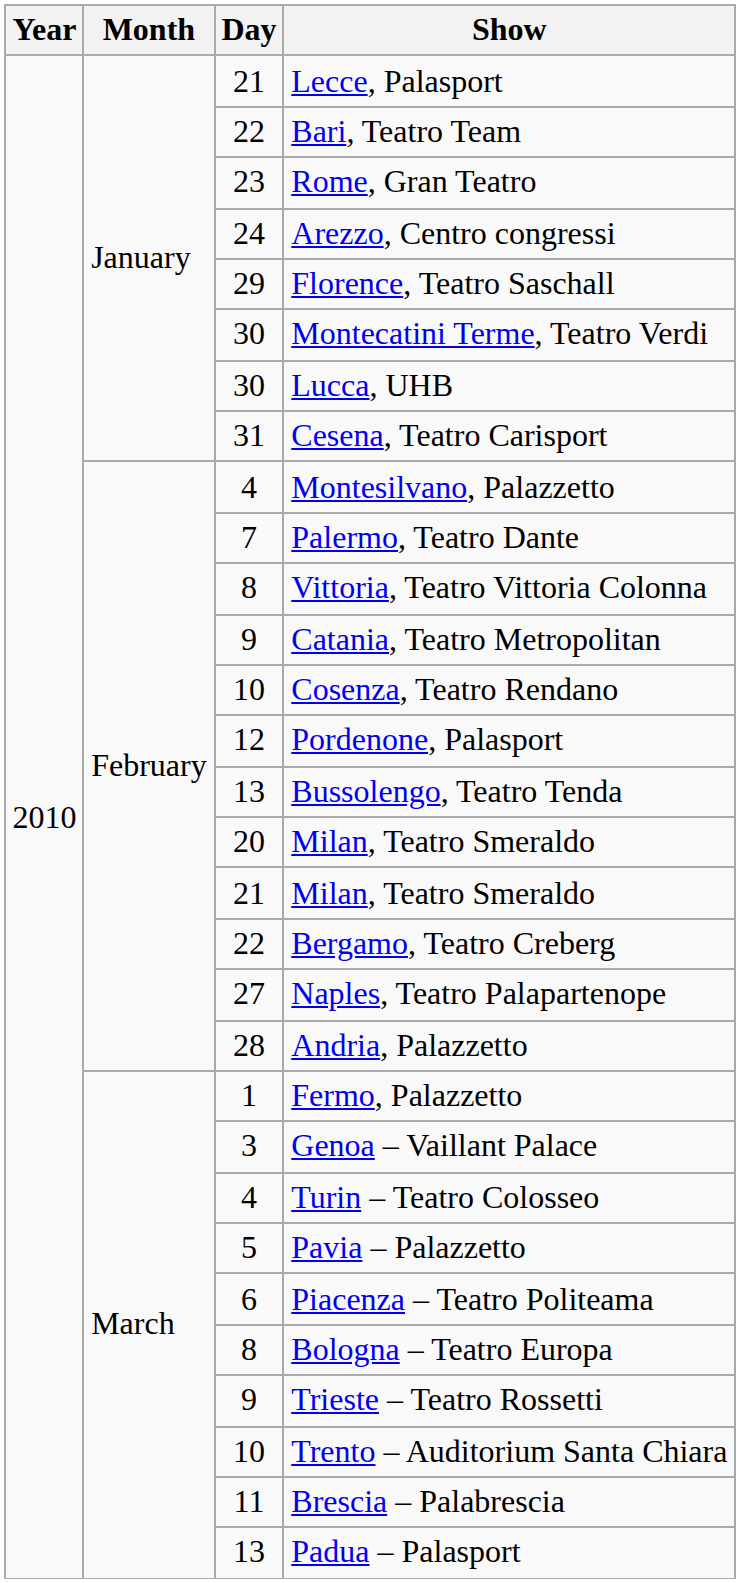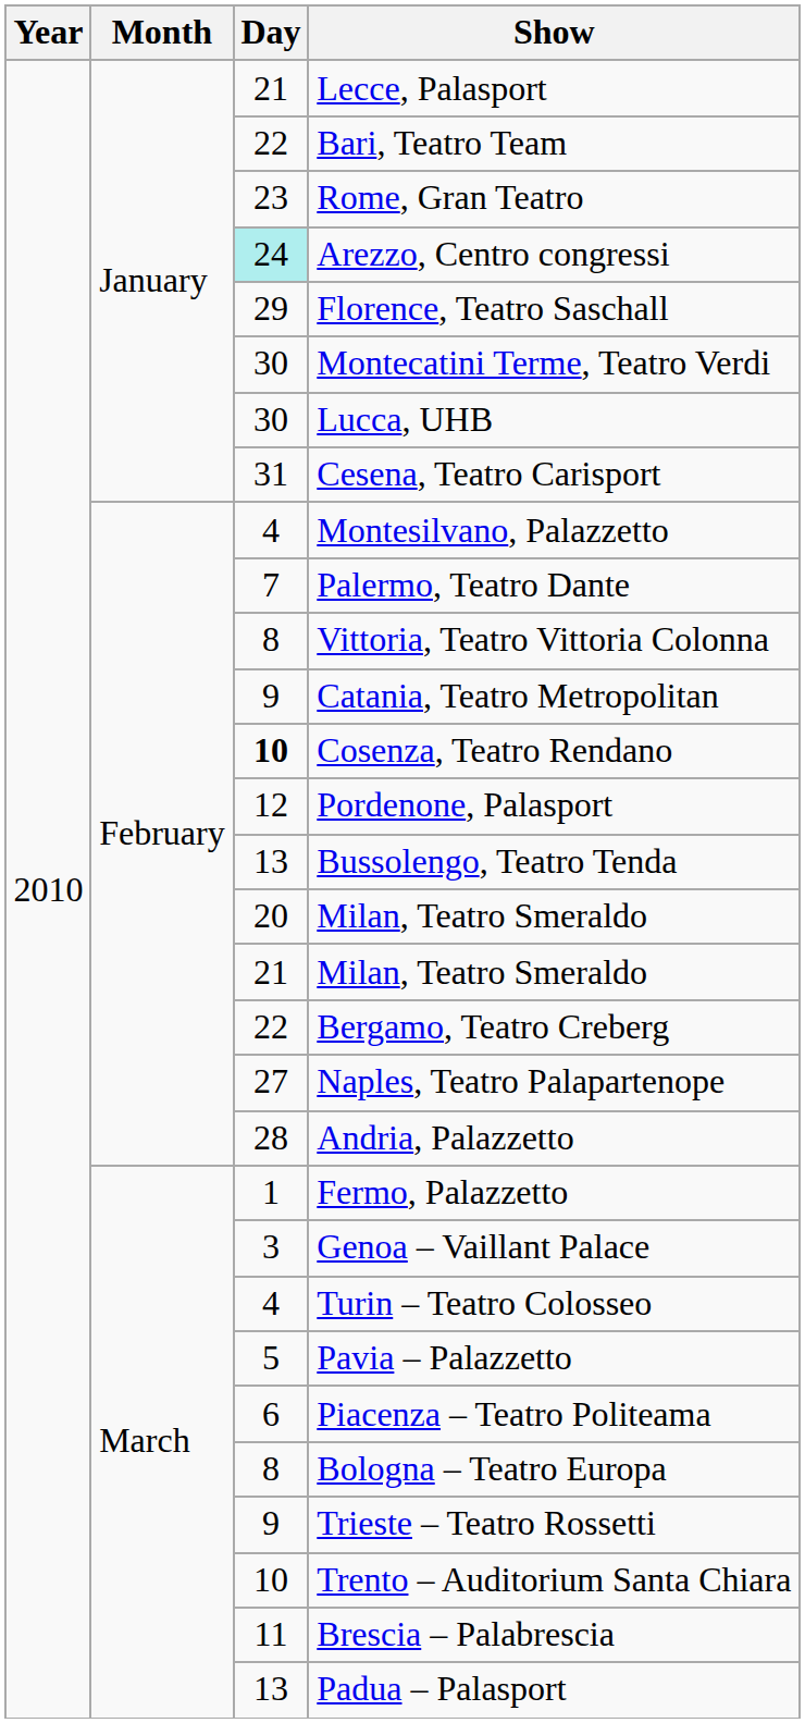 <table class="wikitable">
 <tr>
 <th style="text-align:center;">Year</th>
 <th style="text-align:center;">Month</th>
 <th style="text-align:center;">Day</th>
 <th style="text-align:center;">Show</th>
 </tr>
 <tr>
 <td rowspan="30">2010</td>
 <td rowspan="8">January</td>
 <td style="text-align:center;">21</td>
 <td><a href='#'>Lecce</a>, Palasport</td>
 </tr>
 <tr>
 <td style="text-align:center;">22</td>
 <td><a href='#'>Bari</a>, Teatro Team</td>
 </tr>
 <tr>
 <td style="text-align:center;">23</td>
 <td><a href='#'>Rome</a>, Gran Teatro</td>
 </tr>
 <tr>
-<td style="text-align:center;">24</td>
+<td style="background: paleturquoise; text-align:center;">24</td>
 <td><a href='#'>Arezzo</a>, Centro congressi</td>
 </tr>
 <tr>
 <td style="text-align:center;">29</td>
 <td><a href='#'>Florence</a>, Teatro Saschall</td>
 </tr>
 <tr>
 <td style="text-align:center;">30</td>
 <td><a href='#'>Montecatini Terme</a>, Teatro Verdi</td>
 </tr>
 <tr>
 <td style="text-align:center;">30</td>
 <td><a href='#'>Lucca</a>, UHB</td>
 </tr>
 <tr>
 <td style="text-align:center;">31</td>
 <td><a href='#'>Cesena</a>, Teatro Carisport</td>
 </tr>
 <tr>
 <td rowspan="12">February</td>
 <td style="text-align:center;">4</td>
 <td><a href='#'>Montesilvano</a>, Palazzetto</td>
 </tr>
 <tr>
 <td style="text-align:center;">7</td>
 <td><a href='#'>Palermo</a>, Teatro Dante</td>
 </tr>
 <tr>
 <td style="text-align:center;">8</td>
 <td><a href='#'>Vittoria</a>, Teatro Vittoria Colonna</td>
 </tr>
 <tr>
 <td style="text-align:center;">9</td>
 <td><a href='#'>Catania</a>, Teatro Metropolitan</td>
 </tr>
 <tr>
-<td style="text-align:center;">10</td>
+<td style="text-align:center;"><strong>10</strong></td>
 <td><a href='#'>Cosenza</a>, Teatro Rendano</td>
 </tr>
 <tr>
 <td style="text-align:center;">12</td>
 <td><a href='#'>Pordenone</a>, Palasport</td>
 </tr>
 <tr>
 <td style="text-align:center;">13</td>
 <td><a href='#'>Bussolengo</a>, Teatro Tenda</td>
 </tr>
 <tr>
 <td style="text-align:center;">20</td>
 <td><a href='#'>Milan</a>, Teatro Smeraldo</td>
 </tr>
 <tr>
 <td style="text-align:center;">21</td>
 <td><a href='#'>Milan</a>, Teatro Smeraldo</td>
 </tr>
 <tr>
 <td style="text-align:center;">22</td>
 <td><a href='#'>Bergamo</a>, Teatro Creberg</td>
 </tr>
 <tr>
 <td style="text-align:center;">27</td>
 <td><a href='#'>Naples</a>, Teatro Palapartenope</td>
 </tr>
 <tr>
 <td style="text-align:center;">28</td>
 <td><a href='#'>Andria</a>,  Palazzetto</td>
 </tr>
 <tr>
 <td rowspan="10">March</td>
 <td style="text-align:center;">1</td>
 <td><a href='#'>Fermo</a>, Palazzetto</td>
 </tr>
 <tr>
 <td style="text-align:center;">3</td>
 <td><a href='#'>Genoa</a> – Vaillant Palace</td>
 </tr>
 <tr>
 <td style="text-align:center;">4</td>
 <td><a href='#'>Turin</a> – Teatro Colosseo</td>
 </tr>
 <tr>
 <td style="text-align:center;">5</td>
 <td><a href='#'>Pavia</a> – Palazzetto</td>
 </tr>
 <tr>
 <td style="text-align:center;">6</td>
 <td><a href='#'>Piacenza</a> – Teatro Politeama</td>
 </tr>
 <tr>
 <td style="text-align:center;">8</td>
 <td><a href='#'>Bologna</a> – Teatro Europa</td>
 </tr>
 <tr>
 <td style="text-align:center;">9</td>
 <td><a href='#'>Trieste</a> – Teatro Rossetti</td>
 </tr>
 <tr>
 <td style="text-align:center;">10</td>
 <td><a href='#'>Trento</a> – Auditorium Santa Chiara</td>
 </tr>
 <tr>
 <td style="text-align:center;">11</td>
 <td><a href='#'>Brescia</a> – Palabrescia</td>
 </tr>
 <tr>
 <td style="text-align:center;">13</td>
 <td><a href='#'>Padua</a> – Palasport</td>
 </tr>
 </table>
